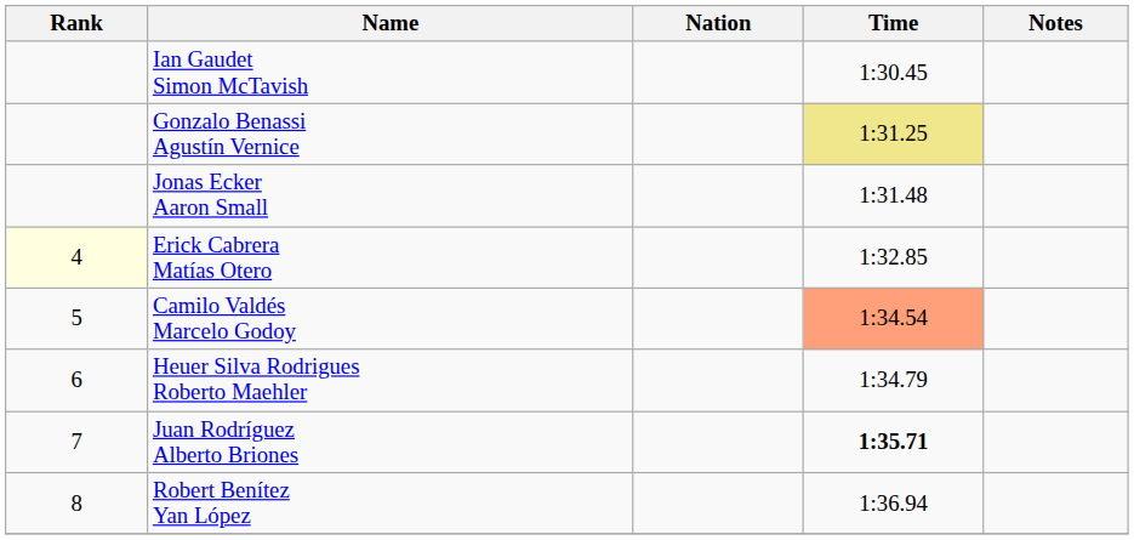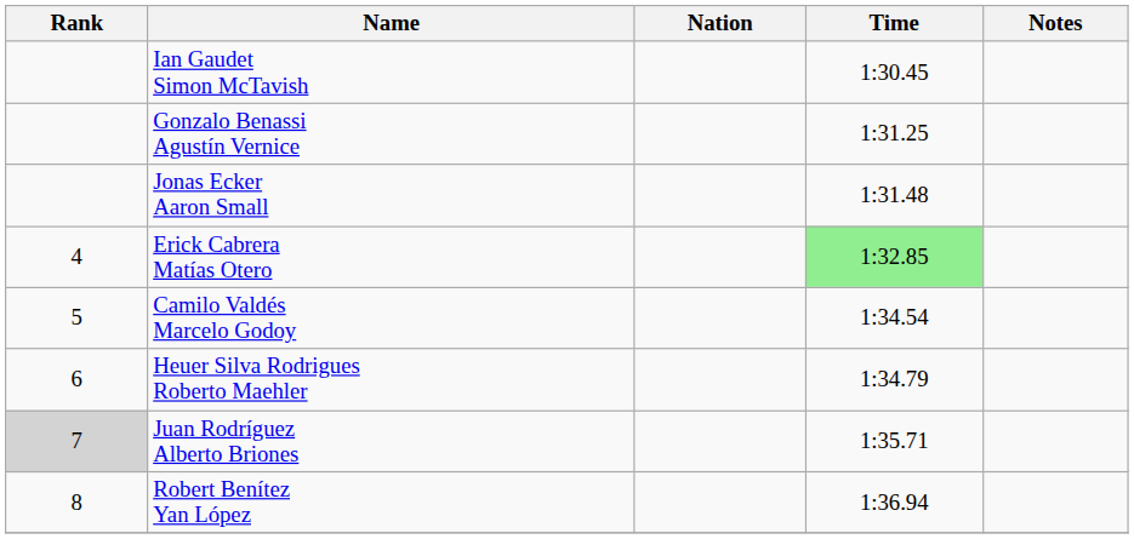 <table class="wikitable sortable" style="text-align:center" width=50%>
 <tr>
 <th>Rank</th>
 <th>Name</th>
 <th>Nation</th>
 <th>Time</th>
 <th>Notes</th>
 </tr>
 <tr>
 <td></td>
 <td align=left><a href='#'>Ian Gaudet</a><br><a href='#'>Simon McTavish</a></td>
 <td align=left></td>
 <td>1:30.45</td>
 <td></td>
 </tr>
 <tr>
 <td></td>
 <td align=left><a href='#'>Gonzalo Benassi</a><br><a href='#'>Agustín Vernice</a></td>
 <td align=left></td>
-<td style="background: khaki;">1:31.25</td>
+<td>1:31.25</td>
 <td></td>
 </tr>
 <tr>
 <td></td>
 <td align=left><a href='#'>Jonas Ecker</a><br><a href='#'>Aaron Small</a></td>
 <td align=left></td>
 <td>1:31.48</td>
 <td></td>
 </tr>
 <tr>
-<td style="background: lightyellow;">4</td>
+<td>4</td>
 <td align=left><a href='#'>Erick Cabrera</a><br><a href='#'>Matías Otero</a></td>
 <td align=left></td>
-<td>1:32.85</td>
+<td style="background: lightgreen;">1:32.85</td>
 <td></td>
 </tr>
 <tr>
 <td>5</td>
 <td align=left><a href='#'>Camilo Valdés</a><br><a href='#'>Marcelo Godoy</a></td>
 <td align=left></td>
-<td style="background: lightsalmon;">1:34.54</td>
+<td>1:34.54</td>
 <td></td>
 </tr>
 <tr>
 <td>6</td>
 <td align=left><a href='#'>Heuer Silva Rodrigues</a><br><a href='#'>Roberto Maehler</a></td>
 <td align=left></td>
 <td>1:34.79</td>
 <td></td>
 </tr>
 <tr>
-<td>7</td>
+<td style="background: lightgrey;">7</td>
 <td align=left><a href='#'>Juan Rodríguez</a><br><a href='#'>Alberto Briones</a></td>
 <td align=left></td>
-<td><strong>1:35.71</strong></td>
+<td>1:35.71</td>
 <td></td>
 </tr>
 <tr>
 <td>8</td>
 <td align=left><a href='#'>Robert Benítez</a><br><a href='#'>Yan López</a></td>
 <td align=left></td>
 <td>1:36.94</td>
 <td></td>
 </tr>
 <tr>
 </tr>
 </table>
